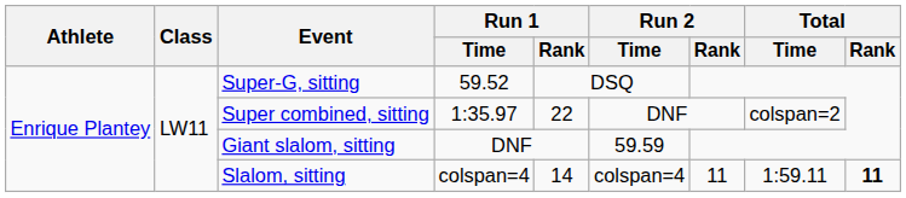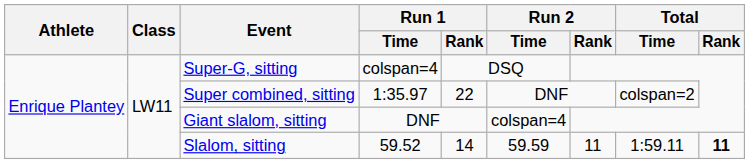 <table class=wikitable style="font-size:90%">
 <tr>
 <th rowspan=2>Athlete</th>
 <th rowspan=2>Class</th>
 <th rowspan=2>Event</th>
 <th colspan=2>Run 1</th>
 <th colspan=2>Run 2</th>
 <th colspan=2>Total</th>
 </tr>
 <tr style="font-size:95%">
 <th>Time</th>
 <th>Rank</th>
 <th>Time</th>
 <th>Rank</th>
 <th>Time</th>
 <th>Rank</th>
 </tr>
 <tr>
 <td rowspan=4><a href='#'>Enrique Plantey</a></td>
 <td rowspan=4>LW11</td>
 <td><a href='#'>Super-G, sitting</a></td>
-<td align=center>59.52</td>
+<td>colspan=4 </td>
 <td colspan=2 align="center">DSQ</td>
 </tr>
 <tr>
 <td><a href='#'>Super combined, sitting</a></td>
 <td align="center">1:35.97</td>
 <td align="center">22</td>
 <td colspan=2 align="center">DNF</td>
 <td>colspan=2 </td>
 </tr>
 <tr>
 <td><a href='#'>Giant slalom, sitting</a></td>
 <td colspan=2 align="center">DNF</td>
-<td align=center>59.59</td>
+<td>colspan=4 </td>
 </tr>
 <tr>
 <td><a href='#'>Slalom, sitting</a></td>
-<td>colspan=4 </td>
+<td align=center>59.52</td>
 <td align=center>14</td>
-<td>colspan=4 </td>
+<td align=center>59.59</td>
 <td align=center>11</td>
 <td align=center>1:59.11</td>
 <td align=center><strong>11</strong></td>
 </tr>
 </table>
